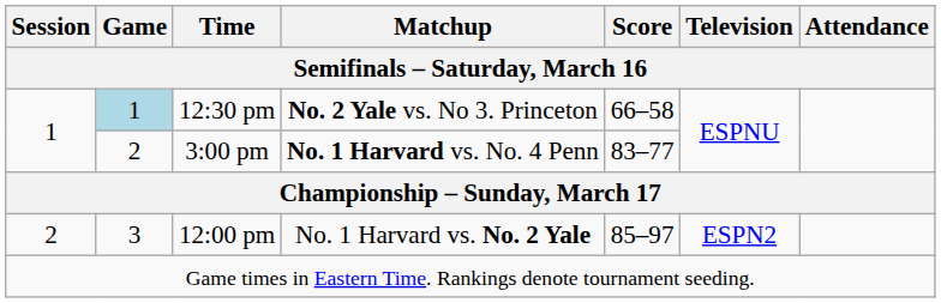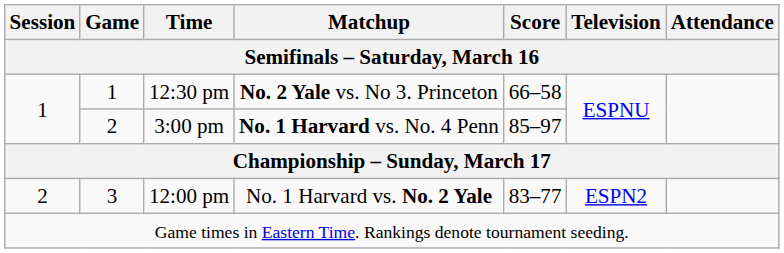 <table class="wikitable" style="font-size: 95%; text-align:center">
 <tr>
 <th>Session</th>
 <th>Game</th>
 <th>Time</th>
 <th>Matchup</th>
 <th>Score</th>
 <th>Television</th>
 <th>Attendance</th>
 </tr>
 <tr>
 <th colspan=7>Semifinals – Saturday, March 16</th>
 </tr>
 <tr>
 <td rowspan=2>1</td>
-<td style="background: lightblue;">1</td>
+<td>1</td>
 <td>12:30 pm</td>
 <td><strong>No. 2 Yale</strong> vs. No 3. Princeton</td>
 <td>66–58</td>
 <td rowspan=2><a href='#'>ESPNU</a></td>
 <td rowspan=2></td>
 </tr>
 <tr>
 <td>2</td>
 <td>3:00 pm</td>
 <td><strong>No. 1 Harvard</strong> vs. No. 4 Penn</td>
-<td>83–77</td>
+<td>85–97</td>
 </tr>
 <tr>
 <th colspan=7>Championship – Sunday, March 17</th>
 </tr>
 <tr>
 <td>2</td>
 <td>3</td>
 <td>12:00 pm</td>
 <td>No. 1 Harvard vs. <strong>No. 2 Yale</strong></td>
-<td>85–97</td>
+<td>83–77</td>
 <td><a href='#'>ESPN2</a></td>
 <td></td>
 </tr>
 <tr>
 <td colspan=7><small>Game times in <a href='#'>Eastern Time</a>. Rankings denote tournament seeding.</small></td>
 </tr>
 </table>
